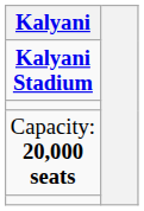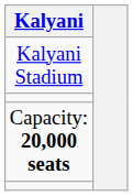 <table class="wikitable" style="text-align:center">
 <tr>
 <th width="20px"><a href='#'>Kalyani</a></th>
 <th width="20px" rowspan=5></th>
 </tr>
 <tr>
-<td><strong><a href='#'>Kalyani Stadium</a></strong></td>
+<td><a href='#'>Kalyani Stadium</a></td>
 </tr>
 <tr>
 <td></td>
 </tr>
 <tr>
 <td>Capacity: <strong>20,000 seats</strong></td>
 </tr>
 <tr>
 <td></td>
 </tr>
 </table>
